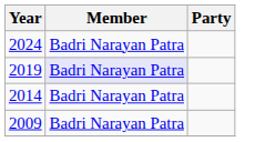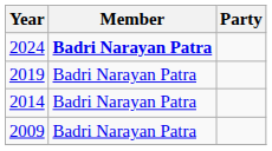 <table class="wikitable sortable">
 <tr>
 <th>Year</th>
 <th>Member</th>
 <th colspan=2>Party</th>
 </tr>
 <tr>
 <td><a href='#'>2024</a></td>
-<td><a href='#'>Badri Narayan Patra</a></td>
+<td><strong><a href='#'>Badri Narayan Patra</a></strong></td>
 <td></td>
 </tr>
 <tr>
 <td><a href='#'>2019</a></td>
-<td style="background: lavender;"><a href='#'>Badri Narayan Patra</a></td>
+<td><a href='#'>Badri Narayan Patra</a></td>
 <td></td>
 </tr>
 <tr>
 <td><a href='#'>2014</a></td>
 <td><a href='#'>Badri Narayan Patra</a></td>
 <td></td>
 </tr>
 <tr>
 <td><a href='#'>2009</a></td>
 <td><a href='#'>Badri Narayan Patra</a></td>
 <td></td>
 </tr>
 <tr>
 </tr>
 </table>
